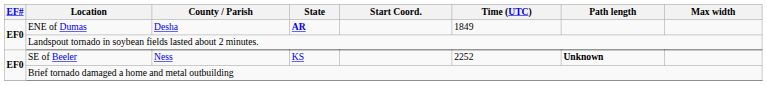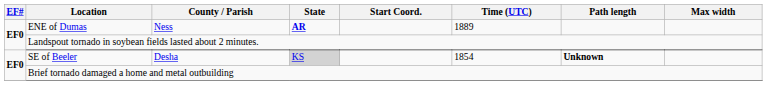 <table class="wikitable sortable" style="width:100%;">
 <tr>
 <th scope="col" width="2%" align="center"><a href='#'>EF#</a></th>
 <th scope="col" align="center" class="unsortable">Location</th>
 <th scope="col" align="center" class="unsortable">County / Parish</th>
 <th scope="col" align="center">State</th>
 <th scope="col" align="center" data-sort-type="number">Start Coord.</th>
 <th scope="col" align="center" data-sort-type="number">Time (<a href='#'>UTC</a>)</th>
 <th scope="col" align="center" data-sort-type="number">Path length</th>
 <th scope="col" align="center" data-sort-type="number">Max width</th>
 </tr>
 <tr>
 <td rowspan="2" align="center"><strong>EF0</strong></td>
 <td>ENE of <a href='#'>Dumas</a></td>
-<td><a href='#'>Desha</a></td>
+<td><a href='#'>Ness</a></td>
 <td><strong><a href='#'>AR</a></strong></td>
 <td></td>
-<td>1849</td>
+<td>1889</td>
 <td></td>
 <td></td>
 </tr>
 <tr class="expand-child">
 <td colspan="8" style=" border-bottom: 1px solid black;">Landspout tornado in soybean fields lasted about 2 minutes.</td>
 </tr>
 <tr>
 <td rowspan="2" align="center"><strong>EF0</strong></td>
 <td>SE of <a href='#'>Beeler</a></td>
-<td><a href='#'>Ness</a></td>
-<td><a href='#'>KS</a></td>
+<td><a href='#'>Desha</a></td>
+<td style="background: lightgrey;"><a href='#'>KS</a></td>
 <td></td>
-<td>2252</td>
+<td>1854</td>
 <td><strong>Unknown</strong></td>
 <td></td>
 </tr>
 <tr class="expand-child">
 <td colspan="8" style=" border-bottom: 1px solid black;">Brief tornado damaged a home and metal outbuilding</td>
 </tr>
 <tr>
 </tr>
 </table>
